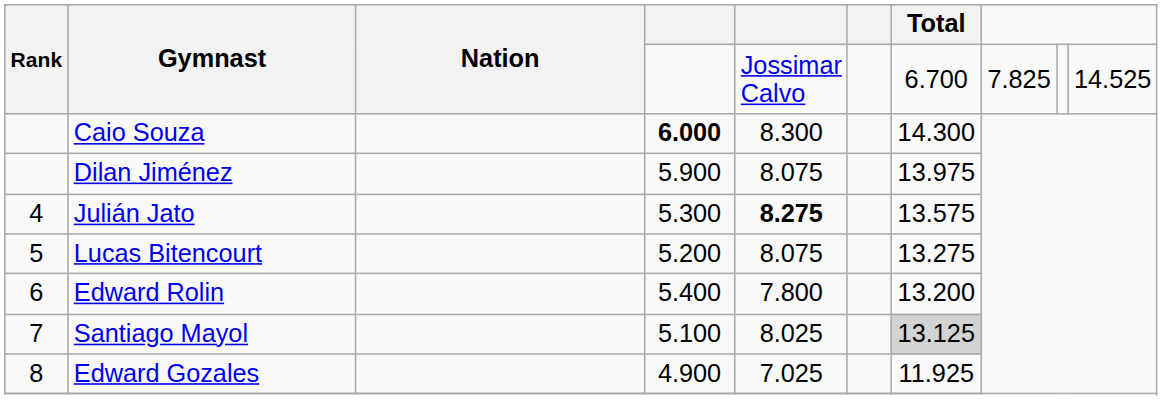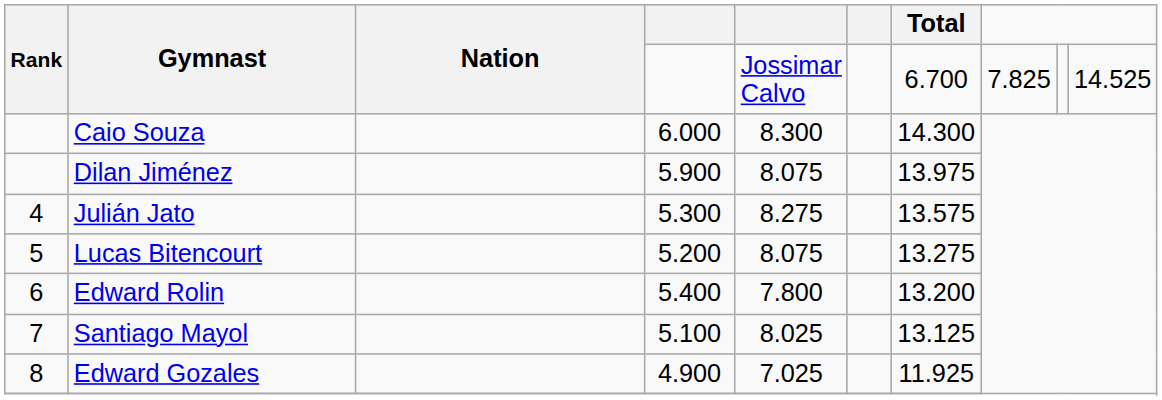 <table style="text-align:center;" class="wikitable sortable">
 <tr>
 <th rowspan="2" scope="col" style="width:15px;"><small>Rank</small></th>
 <th rowspan="2" scope="col" style="width:175px;">Gymnast</th>
 <th rowspan="2" scope="col" style="width:175px;">Nation</th>
 <th scope="col" style="width:50px;"><small></small></th>
 <th scope="col" style="width:50px;"><small></small></th>
 <th scope="col" style="width:20px;"><small></small></th>
 <th scope="col" style="width:50px;">Total</th>
 </tr>
 <tr>
 <td></td>
 <td align=left><a href='#'>Jossimar Calvo</a></td>
 <td align=left></td>
 <td>6.700</td>
 <td>7.825</td>
 <td></td>
 <td>14.525</td>
 </tr>
 <tr>
 <td></td>
 <td align=left><a href='#'>Caio Souza</a></td>
 <td align=left></td>
-<td><strong>6.000</strong></td>
+<td>6.000</td>
 <td>8.300</td>
 <td></td>
 <td>14.300</td>
 </tr>
 <tr>
 <td></td>
 <td align=left><a href='#'>Dilan Jiménez</a></td>
 <td align=left></td>
 <td>5.900</td>
 <td>8.075</td>
 <td></td>
 <td>13.975</td>
 </tr>
 <tr>
 <td>4</td>
 <td align=left><a href='#'>Julián Jato</a></td>
 <td align=left></td>
 <td>5.300</td>
-<td><strong>8.275</strong></td>
+<td>8.275</td>
 <td></td>
 <td>13.575</td>
 </tr>
 <tr>
 <td>5</td>
 <td align=left><a href='#'>Lucas Bitencourt</a></td>
 <td align=left></td>
 <td>5.200</td>
 <td>8.075</td>
 <td></td>
 <td>13.275</td>
 </tr>
 <tr>
 <td>6</td>
 <td align=left><a href='#'>Edward Rolin</a></td>
 <td align=left></td>
 <td>5.400</td>
 <td>7.800</td>
 <td></td>
 <td>13.200</td>
 </tr>
 <tr>
 <td>7</td>
 <td align=left><a href='#'>Santiago Mayol</a></td>
 <td align=left></td>
 <td>5.100</td>
 <td>8.025</td>
 <td></td>
-<td style="background: lightgrey;">13.125</td>
+<td>13.125</td>
 </tr>
 <tr>
 <td>8</td>
 <td align=left><a href='#'>Edward Gozales</a></td>
 <td align=left></td>
 <td>4.900</td>
 <td>7.025</td>
 <td></td>
 <td>11.925</td>
 </tr>
 <tr>
 </tr>
 </table>
